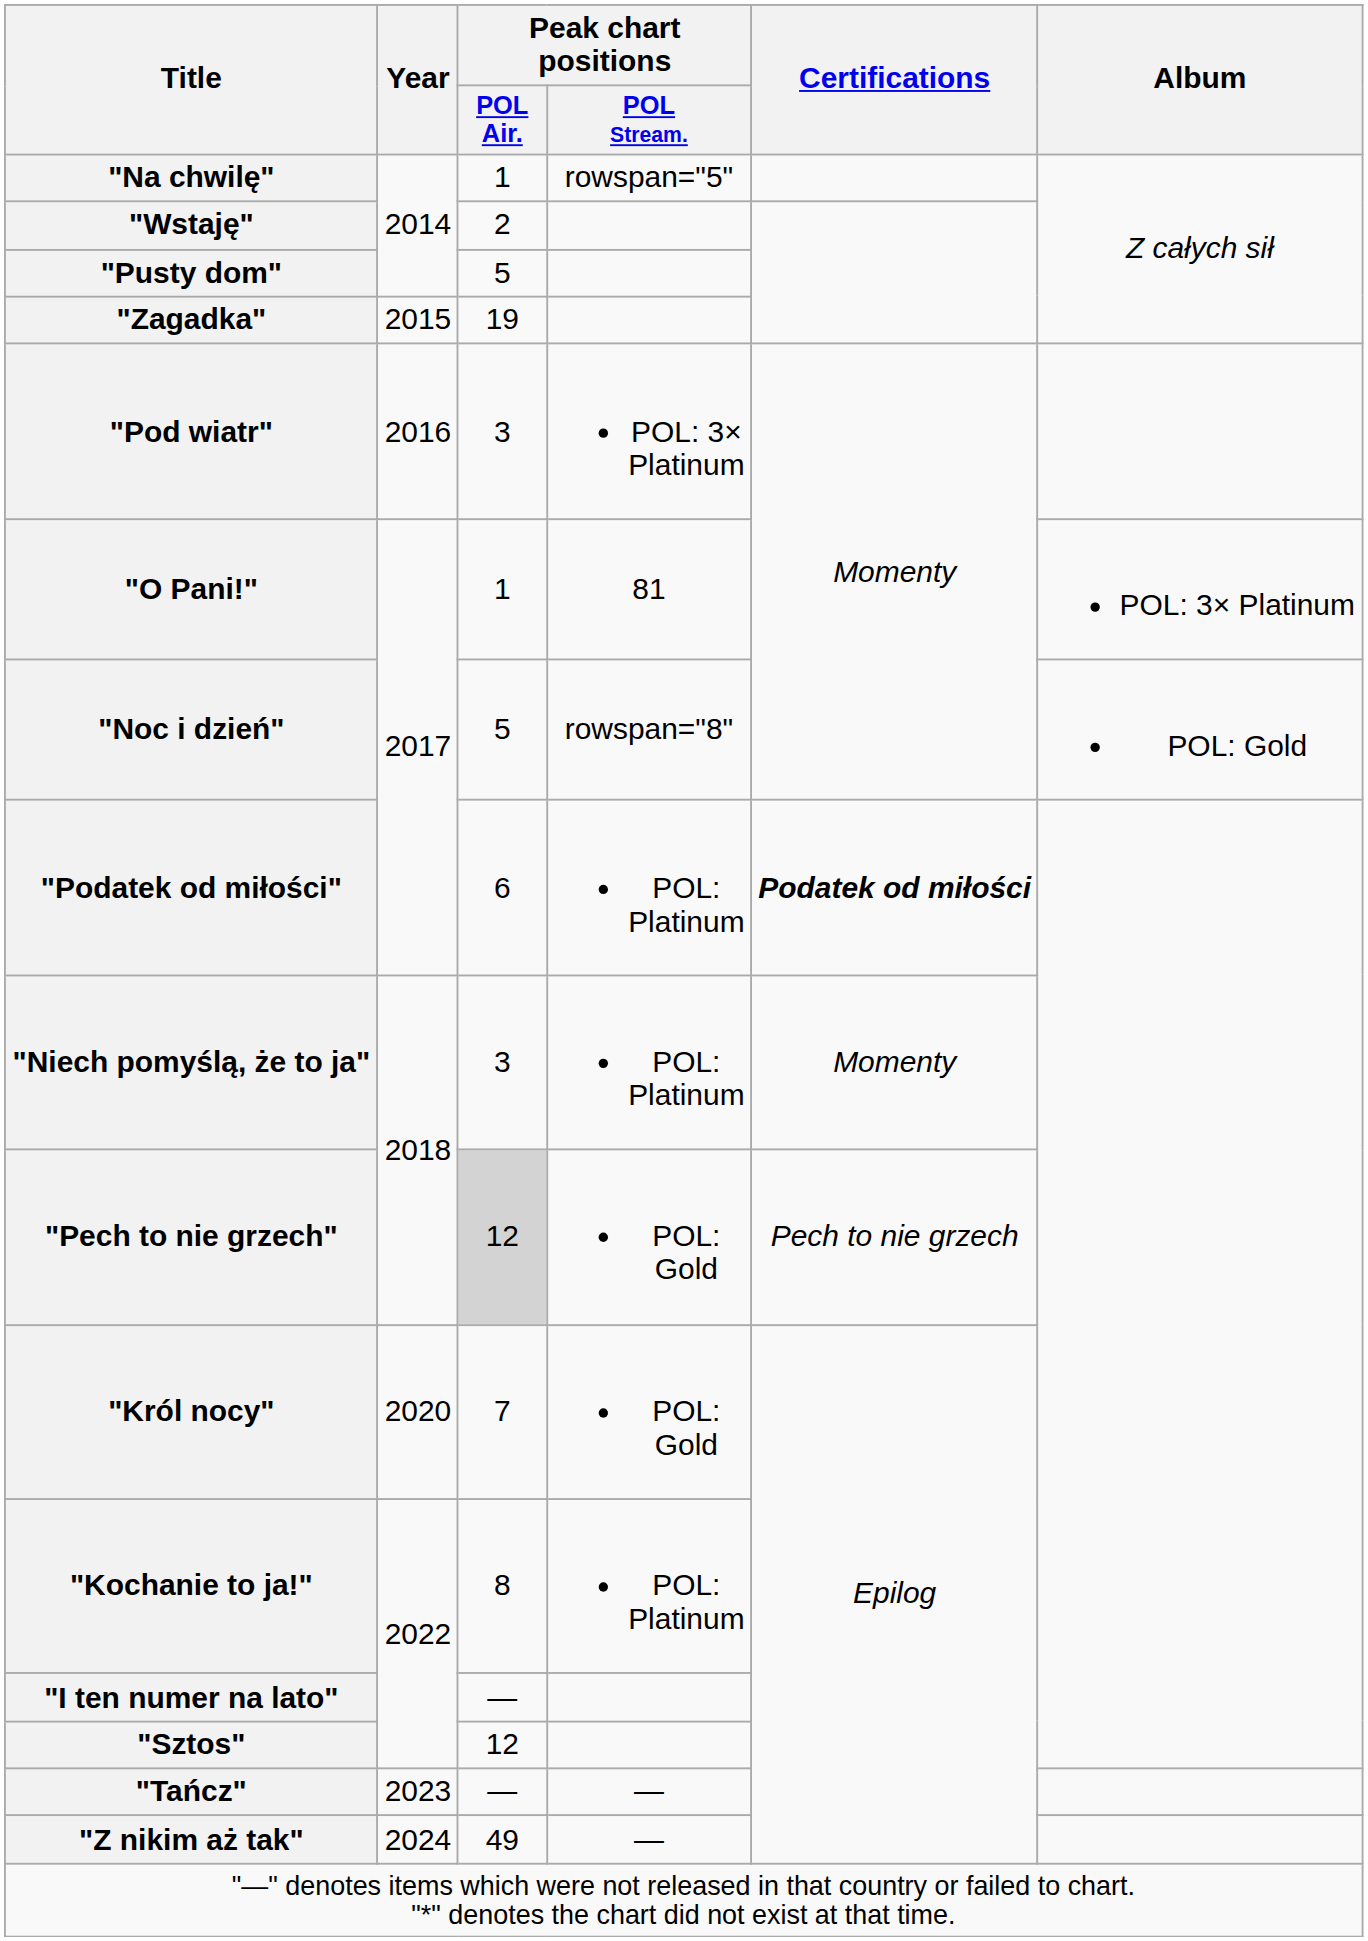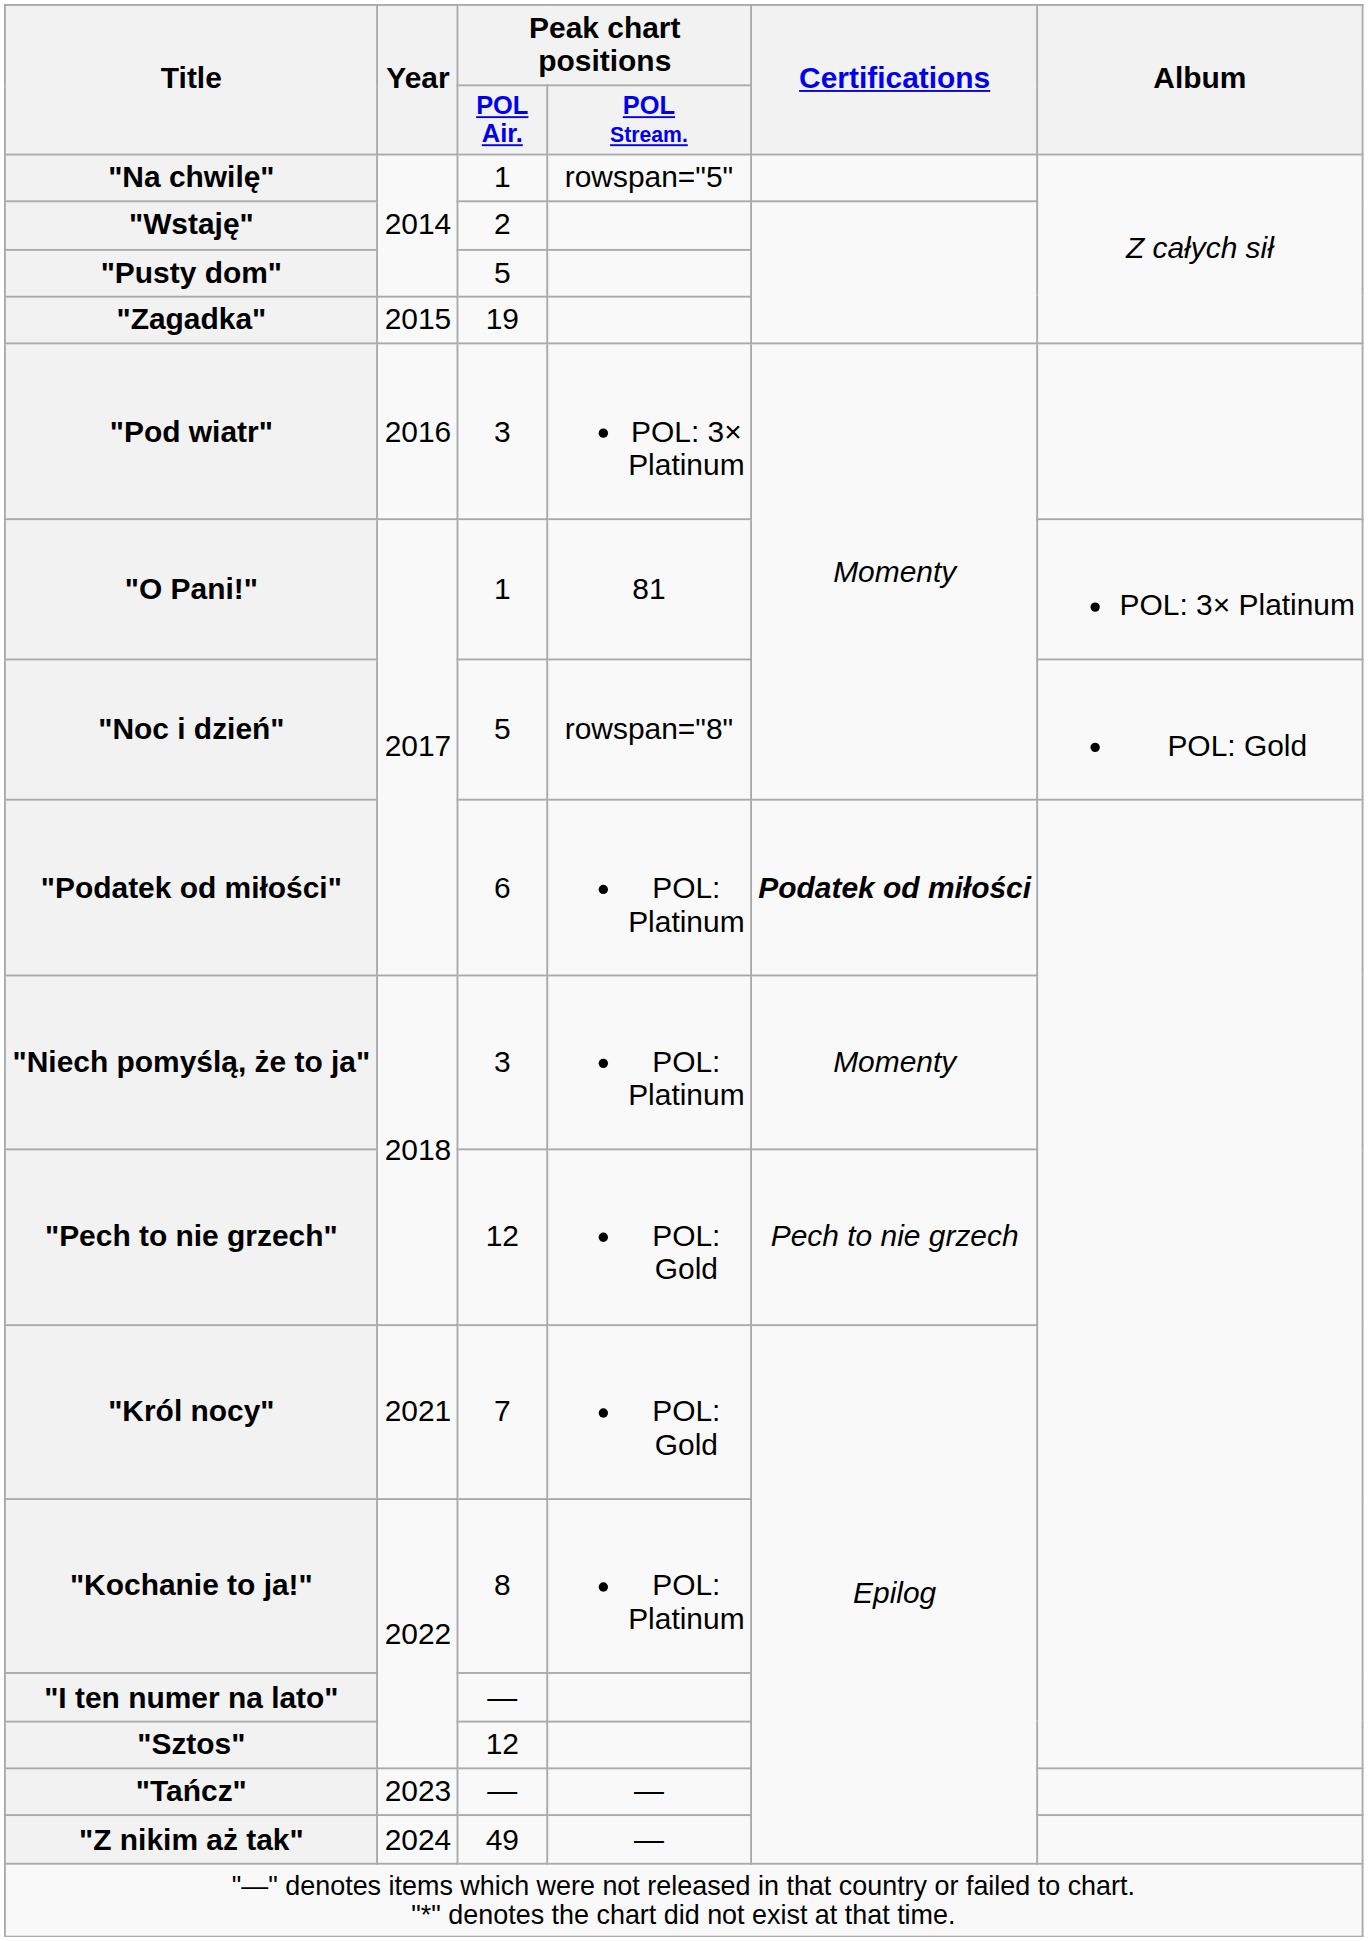 <table class="wikitable plainrowheaders" style="text-align:center;">
 <tr>
 <th scope="col" style="width:12em;" rowspan="2">Title</th>
 <th scope="col" rowspan="2">Year</th>
 <th colspan="2">Peak chart positions</th>
 <th scope="col" rowspan="2"><a href='#'>Certifications</a></th>
 <th scope="col" rowspan="2">Album</th>
 </tr>
 <tr>
 <th scope="col" style="width:3em;font-size:85%;"><a href='#'>POL<br>Air.</a><br></th>
 <th scope="col" style="width:3em;font-size:85%;"><a href='#'>POL<br><small>Stream.</small></a><br></th>
 </tr>
 <tr>
 <th scope="row">"Na chwilę"<br></th>
 <td rowspan="3">2014</td>
 <td>1</td>
 <td>rowspan="5" </td>
 <td></td>
 <td rowspan="4"><em>Z całych sił</em></td>
 </tr>
 <tr>
 <th scope="row">"Wstaję"<br></th>
 <td>2</td>
 <td></td>
 </tr>
 <tr>
 <th scope="row">"Pusty dom"<br></th>
 <td>5</td>
 <td></td>
 </tr>
 <tr>
 <th scope="row">"Zagadka"<br></th>
 <td>2015</td>
 <td>19</td>
 <td></td>
 </tr>
 <tr>
 <th scope="row">"Pod wiatr"</th>
 <td>2016</td>
 <td>3</td>
 <td><br><ul><li>POL: 3× Platinum</li></ul></td>
 <td rowspan="3"><em>Momenty</em></td>
 </tr>
 <tr>
 <th scope="row">"O Pani!"</th>
 <td rowspan="3">2017</td>
 <td>1</td>
 <td>81</td>
 <td><br><ul><li>POL: 3× Platinum</li></ul></td>
 </tr>
 <tr>
 <th scope="row">"Noc i dzień"</th>
 <td>5</td>
 <td>rowspan="8" </td>
 <td><br><ul><li>POL: Gold</li></ul></td>
 </tr>
 <tr>
 <th scope="row">"Podatek od miłości"<br></th>
 <td>6</td>
 <td><br><ul><li>POL: Platinum</li></ul></td>
 <td><strong><em>Podatek od miłości</em><br></strong></td>
 </tr>
 <tr>
 <th scope="row">"Niech pomyślą, że to ja"</th>
 <td rowspan="2">2018</td>
 <td>3</td>
 <td><br><ul><li>POL: Platinum</li></ul></td>
 <td><em>Momenty</em></td>
 </tr>
 <tr>
 <th scope="row">"Pech to nie grzech"</th>
-<td style="background: lightgrey;">12</td>
+<td>12</td>
 <td><br><ul><li>POL: Gold</li></ul></td>
 <td><em>Pech to nie grzech</em><br></td>
 </tr>
 <tr>
 <th scope="row">"Król nocy"</th>
-<td>2020</td>
+<td>2021</td>
 <td>7</td>
 <td><br><ul><li>POL: Gold</li></ul></td>
 <td rowspan="6"><em>Epilog</em></td>
 </tr>
 <tr>
 <th scope="row">"Kochanie to ja!"</th>
 <td rowspan="3">2022</td>
 <td>8</td>
 <td><br><ul><li>POL: Platinum</li></ul></td>
 </tr>
 <tr>
 <th scope="row">"I ten numer na lato"</th>
 <td>—</td>
 <td></td>
 </tr>
 <tr>
 <th scope="row">"Sztos"</th>
 <td>12</td>
 <td></td>
 </tr>
 <tr>
 <th scope="row">"Tańcz"</th>
 <td>2023</td>
 <td>—</td>
 <td>—</td>
 <td></td>
 </tr>
 <tr>
 <th scope="row">"Z nikim aż tak"</th>
 <td>2024</td>
 <td>49</td>
 <td>—</td>
 <td></td>
 </tr>
 <tr>
 <td colspan="6" style="font-size:90%">"—" denotes items which were not released in that country or failed to chart.<br>"*" denotes the chart did not exist at that time.</td>
 </tr>
 </table>
